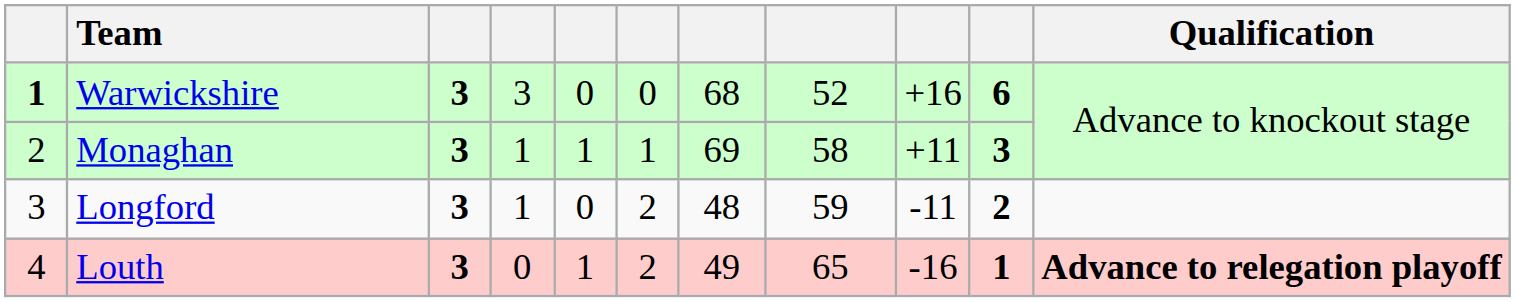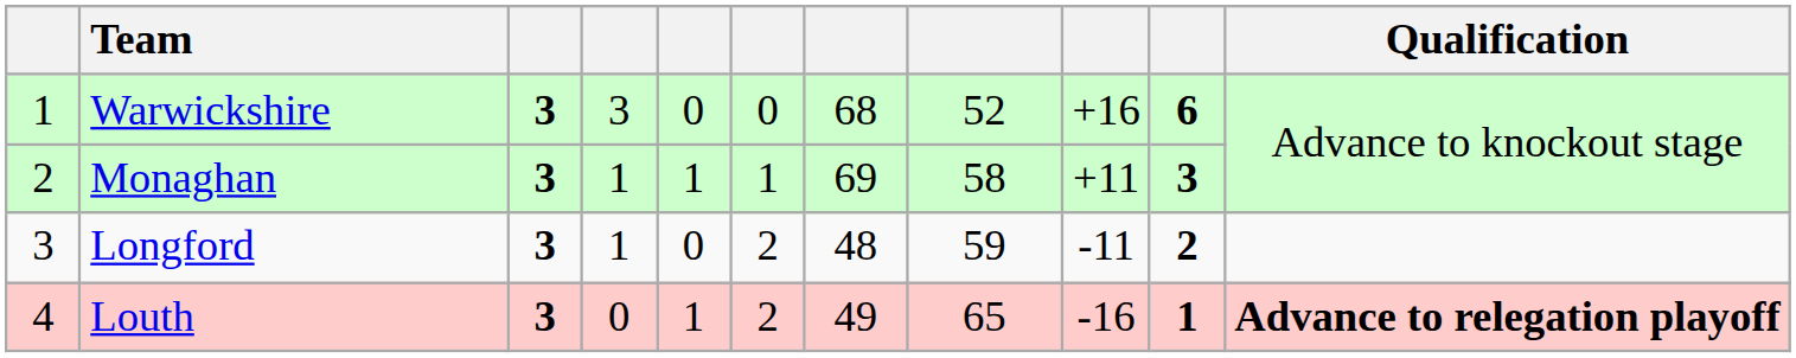 <table class="wikitable" style="text-align:center">
 <tr>
 <th width="20"></th>
 <th width="150" style="text-align:left;">Team</th>
 <th width="20"></th>
 <th width="20"></th>
 <th width="20"></th>
 <th width="20"></th>
 <th width="30"></th>
 <th width="50"></th>
 <th width="20"></th>
 <th width="20"></th>
 <th>Qualification</th>
 </tr>
 <tr style="background:#ccffcc">
-<td><strong>1</strong></td>
+<td>1</td>
 <td align="left"> <a href='#'>Warwickshire</a></td>
 <td><strong>3</strong></td>
 <td>3</td>
 <td>0</td>
 <td>0</td>
 <td>68</td>
 <td>52</td>
 <td>+16</td>
 <td><strong>6</strong></td>
 <td rowspan="2">Advance to knockout stage</td>
 </tr>
 <tr style="background:#ccffcc">
 <td>2</td>
 <td align="left"> <a href='#'>Monaghan</a></td>
 <td><strong>3</strong></td>
 <td>1</td>
 <td>1</td>
 <td>1</td>
 <td>69</td>
 <td>58</td>
 <td>+11</td>
 <td><strong>3</strong></td>
 </tr>
 <tr>
 <td>3</td>
 <td align="left"><a href='#'>Longford</a></td>
 <td><strong>3</strong></td>
 <td>1</td>
 <td>0</td>
 <td>2</td>
 <td>48</td>
 <td>59</td>
 <td>-11</td>
 <td><strong>2</strong></td>
 <td></td>
 </tr>
 <tr style="background:#ffcccc">
 <td>4</td>
 <td align="left"><a href='#'>Louth</a></td>
 <td><strong>3</strong></td>
 <td>0</td>
 <td>1</td>
 <td>2</td>
 <td>49</td>
 <td>65</td>
 <td>-16</td>
 <td><strong>1</strong></td>
 <td><strong>Advance to relegation playoff</strong></td>
 </tr>
 </table>
